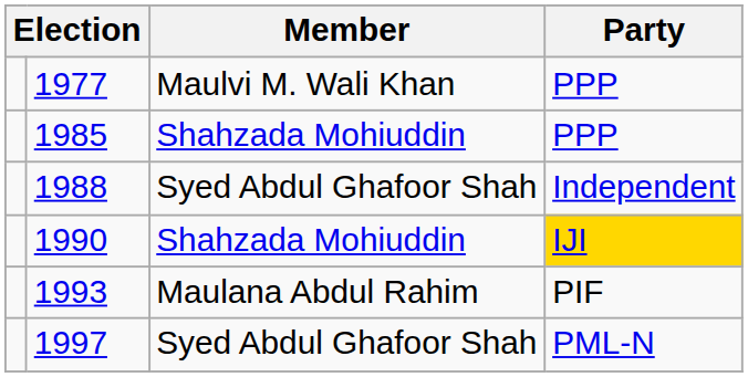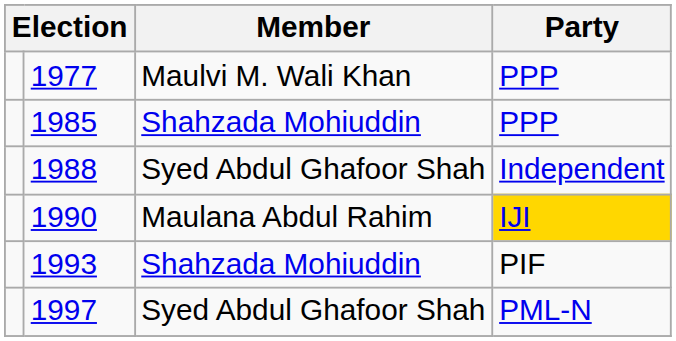 <table class="wikitable">
 <tr>
 <th colspan="2">Election</th>
 <th>Member</th>
 <th>Party</th>
 </tr>
 <tr>
 <td style="background-color: "></td>
 <td><a href='#'>1977</a></td>
 <td>Maulvi M. Wali Khan</td>
 <td><a href='#'>PPP</a></td>
 </tr>
 <tr>
 <td style="background-color: "></td>
 <td><a href='#'>1985</a></td>
 <td><a href='#'>Shahzada Mohiuddin</a></td>
 <td><a href='#'>PPP</a></td>
 </tr>
 <tr>
 <td style="background-color: "></td>
 <td><a href='#'>1988</a></td>
 <td>Syed Abdul Ghafoor Shah</td>
 <td><a href='#'>Independent</a></td>
 </tr>
 <tr>
 <td style="background-color: "></td>
 <td><a href='#'>1990</a></td>
-<td><a href='#'>Shahzada Mohiuddin</a></td>
+<td>Maulana Abdul Rahim</td>
 <td style="background: gold;"><a href='#'>IJI</a></td>
 </tr>
 <tr>
 <td style="background-color: "></td>
 <td><a href='#'>1993</a></td>
-<td>Maulana Abdul Rahim</td>
+<td><a href='#'>Shahzada Mohiuddin</a></td>
 <td>PIF</td>
 </tr>
 <tr>
 <td style="background-color: "></td>
 <td><a href='#'>1997</a></td>
 <td>Syed Abdul Ghafoor Shah</td>
 <td><a href='#'>PML-N</a></td>
 </tr>
 </table>
